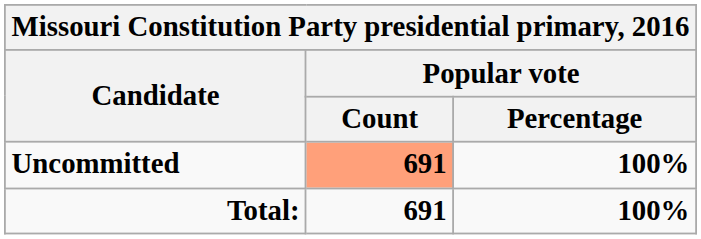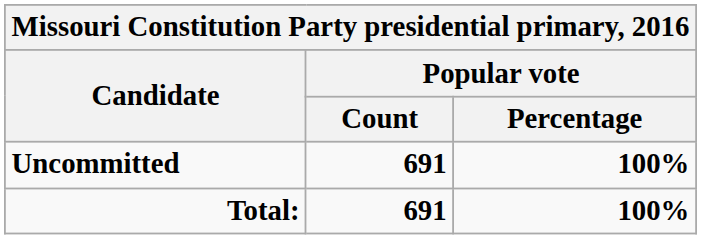 <table class="wikitable">
 <tr>
 <th colspan="3">Missouri Constitution Party presidential primary, 2016</th>
 </tr>
 <tr>
 <th rowspan="2" style="width:160px;">Candidate</th>
 <th colspan="2" style="width:75px;">Popular vote</th>
 </tr>
 <tr>
 <th>Count</th>
 <th>Percentage</th>
 </tr>
 <tr align="right" >
 <td style="text-align:left;"><strong> Uncommitted</strong></td>
-<td style="background: lightsalmon;"><strong>691</strong></td>
+<td><strong>691</strong></td>
 <td><strong>100%</strong></td>
 </tr>
 <tr style="text-align:right;">
 <td><strong>Total:</strong></td>
 <td><strong>691</strong></td>
 <td><strong>100%</strong></td>
 </tr>
 </table>
